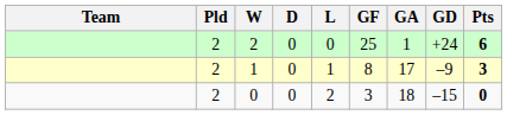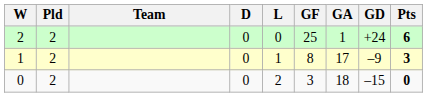 <table class="wikitable" style="text-align: center;">
 <tr>
+<th width="30">W</th>
+<th width="30">Pld</th>
 <th width="180">Team</th>
-<th width="30">Pld</th>
-<th width="30">W</th>
 <th width="30">D</th>
 <th width="30">L</th>
 <th width="30">GF</th>
 <th width="30">GA</th>
 <th width="30">GD</th>
 <th width="30">Pts</th>
 </tr>
 <tr bgcolor="ccffcc">
-<td align=left></td>
 <td>2</td>
 <td>2</td>
+<td align=left></td>
 <td>0</td>
 <td>0</td>
 <td>25</td>
 <td>1</td>
 <td>+24</td>
 <td><strong>6</strong></td>
 </tr>
 <tr bgcolor="ffffcc">
+<td>1</td>
+<td>2</td>
 <td align=left></td>
-<td>2</td>
-<td>1</td>
 <td>0</td>
 <td>1</td>
 <td>8</td>
 <td>17</td>
 <td>–9</td>
 <td><strong>3</strong></td>
 </tr>
 <tr>
+<td>0</td>
+<td>2</td>
 <td align=left></td>
-<td>2</td>
-<td>0</td>
 <td>0</td>
 <td>2</td>
 <td>3</td>
 <td>18</td>
 <td>–15</td>
 <td><strong>0</strong></td>
 </tr>
 </table>
